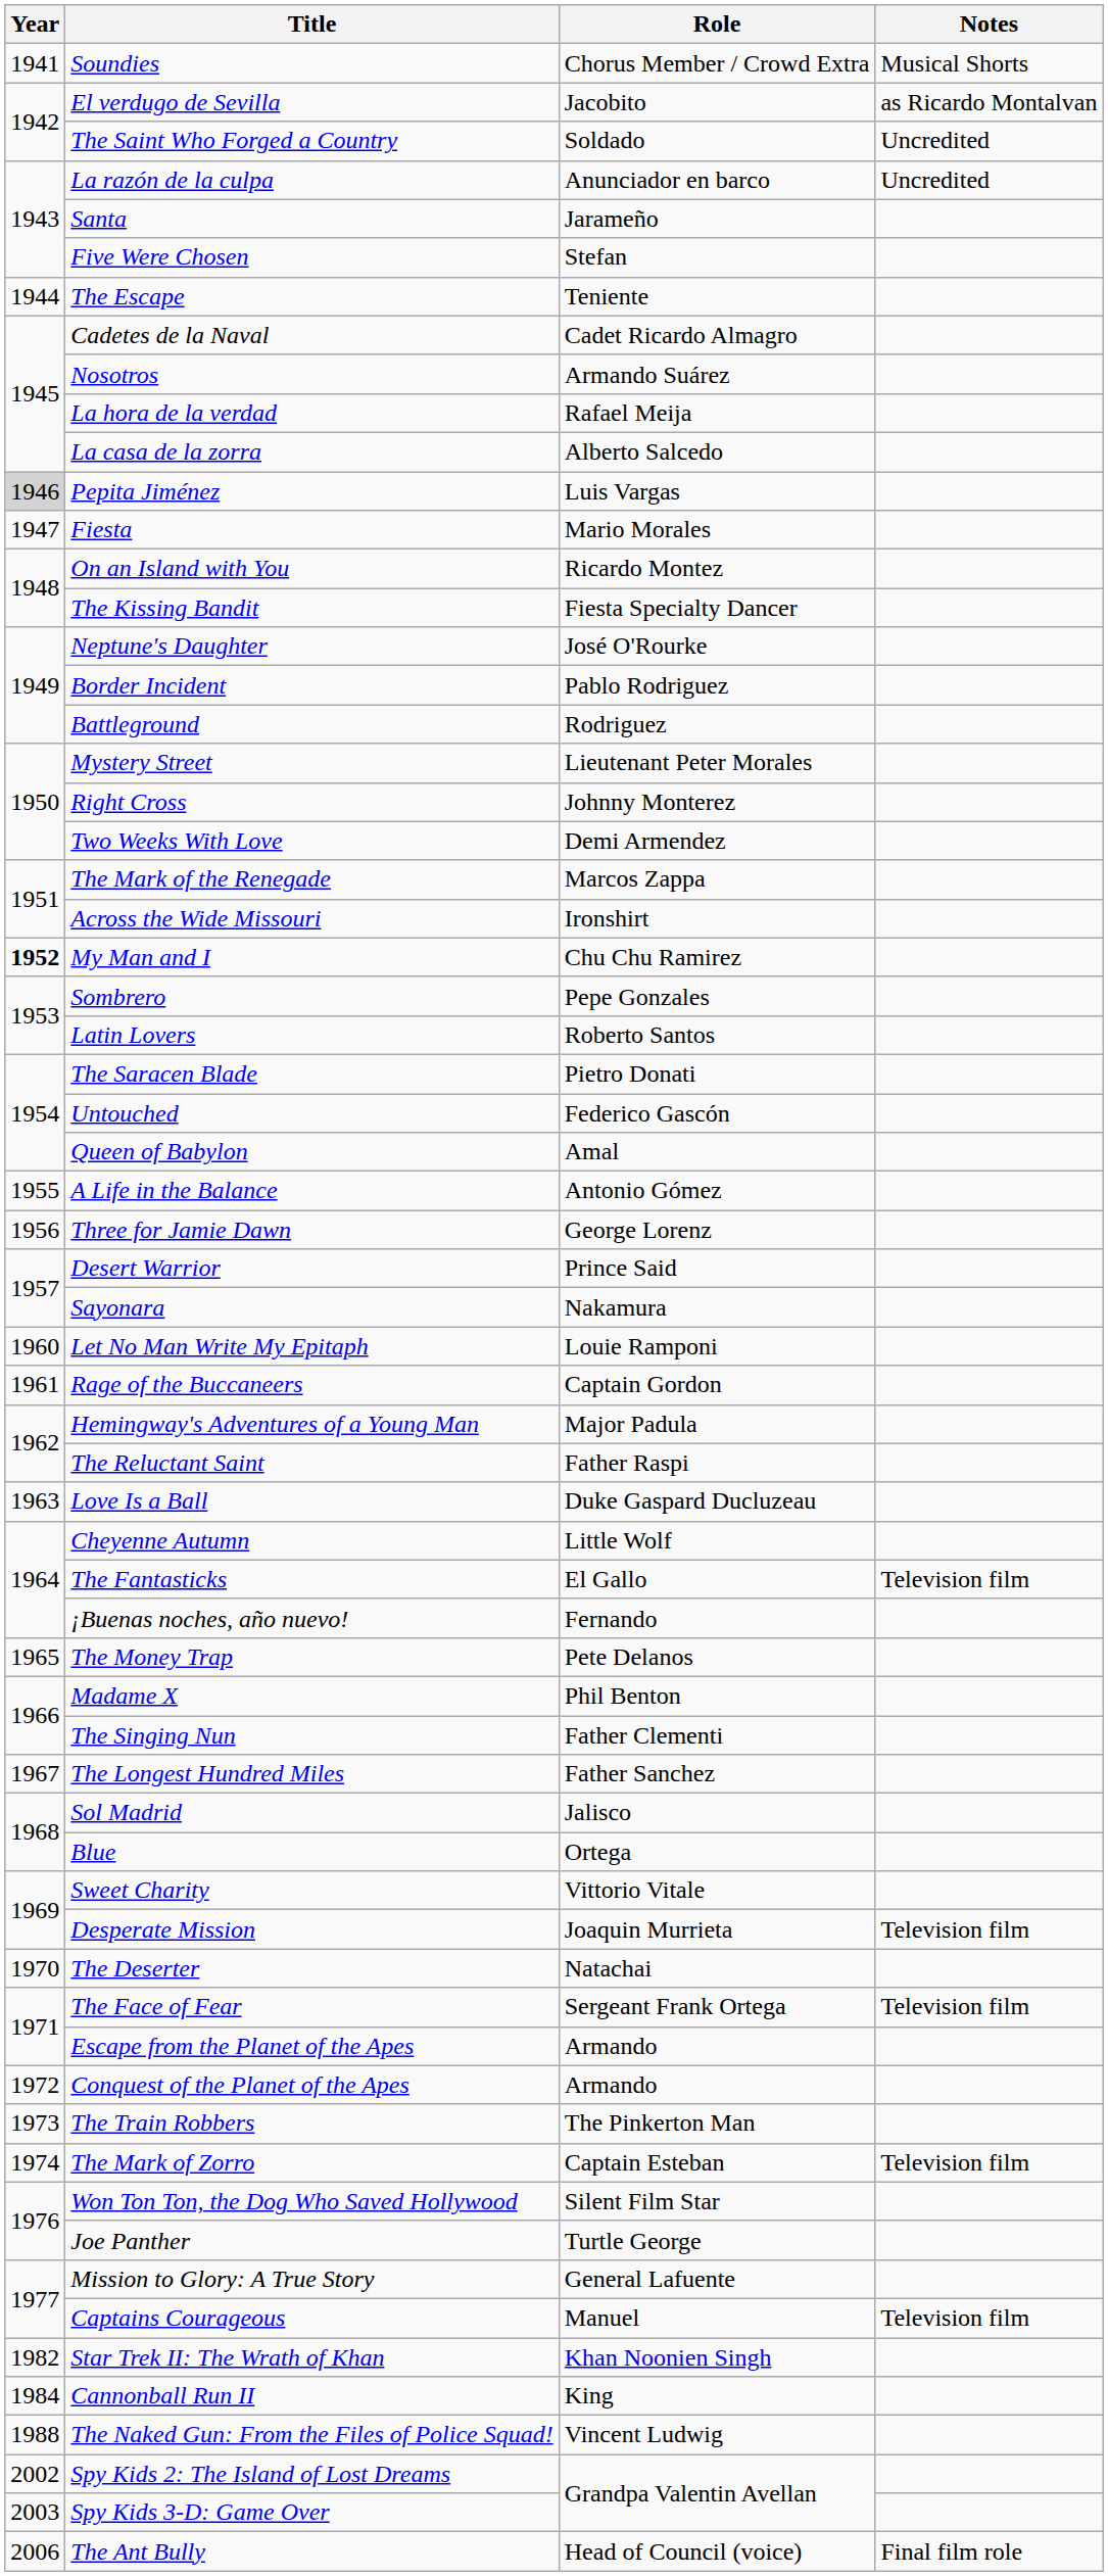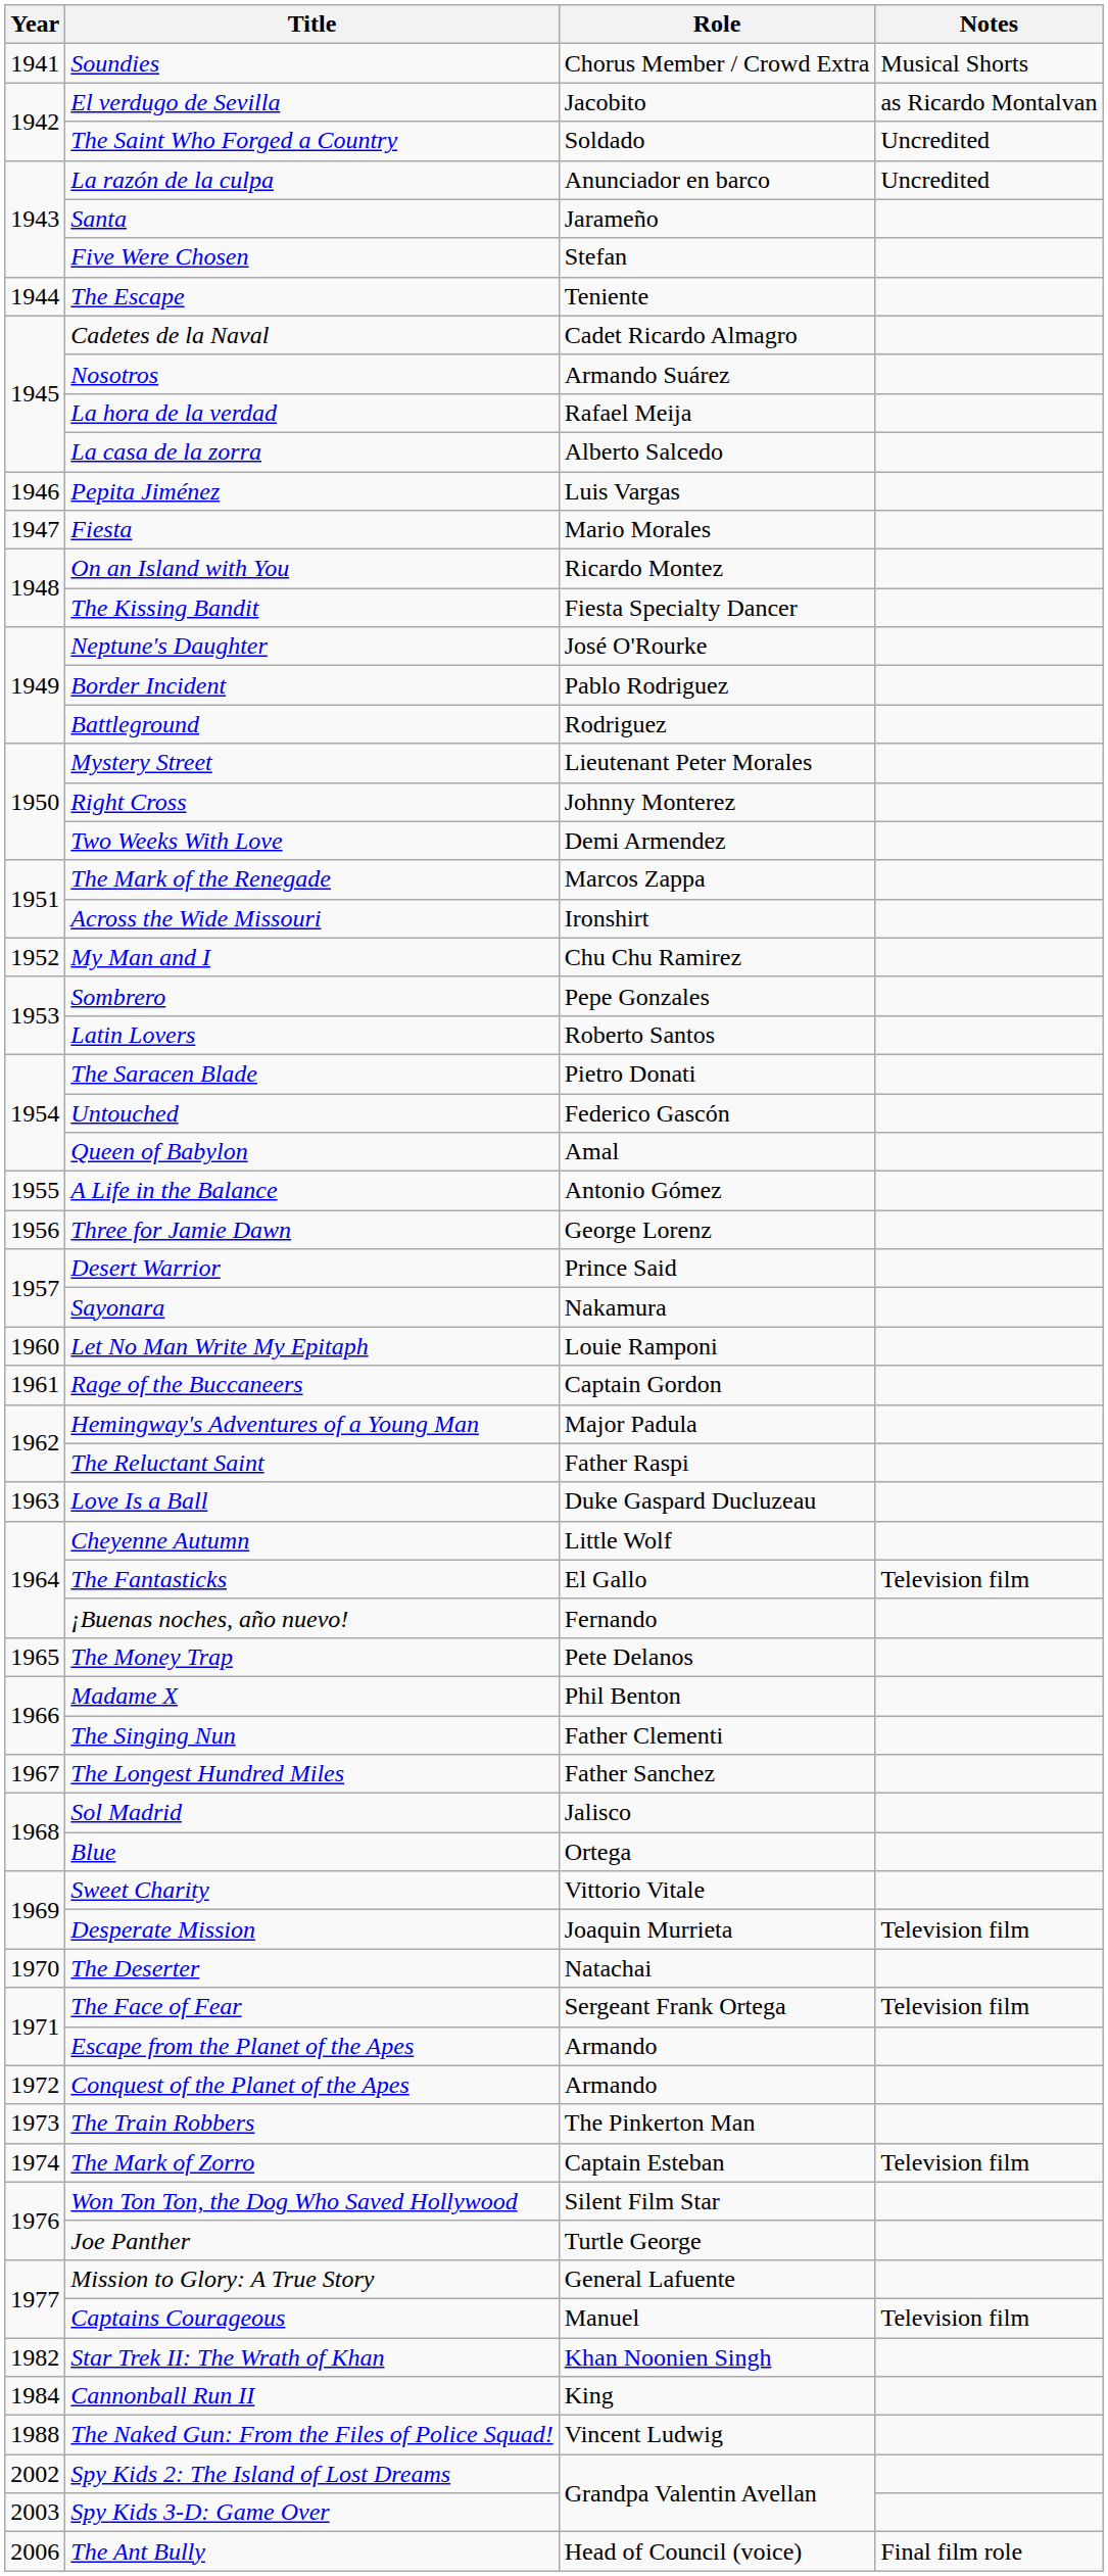 <table class="wikitable sortable">
 <tr>
 <th>Year</th>
 <th>Title</th>
 <th>Role</th>
 <th>Notes</th>
 </tr>
 <tr>
 <td>1941</td>
 <td><em><a href='#'>Soundies</a></em></td>
 <td>Chorus Member / Crowd Extra</td>
 <td>Musical Shorts</td>
 </tr>
 <tr>
 <td rowspan="2">1942</td>
 <td><em><a href='#'>El verdugo de Sevilla</a></em></td>
 <td>Jacobito</td>
 <td>as Ricardo Montalvan</td>
 </tr>
 <tr>
 <td><em><a href='#'>The Saint Who Forged a Country</a></em></td>
 <td>Soldado</td>
 <td>Uncredited</td>
 </tr>
 <tr>
 <td rowspan="3">1943</td>
 <td><em><a href='#'>La razón de la culpa</a></em></td>
 <td>Anunciador en barco</td>
 <td>Uncredited</td>
 </tr>
 <tr>
 <td><em><a href='#'>Santa</a></em></td>
 <td>Jarameño</td>
 <td></td>
 </tr>
 <tr>
 <td><em><a href='#'>Five Were Chosen</a></em></td>
 <td>Stefan</td>
 <td></td>
 </tr>
 <tr>
 <td>1944</td>
 <td><em><a href='#'>The Escape</a></em></td>
 <td>Teniente</td>
 <td></td>
 </tr>
 <tr>
 <td rowspan="4">1945</td>
 <td><em>Cadetes de la Naval</em></td>
 <td>Cadet Ricardo Almagro</td>
 <td></td>
 </tr>
 <tr>
 <td><em><a href='#'>Nosotros</a></em></td>
 <td>Armando Suárez</td>
 <td></td>
 </tr>
 <tr>
 <td><em><a href='#'>La hora de la verdad</a></em></td>
 <td>Rafael Meija</td>
 <td></td>
 </tr>
 <tr>
 <td><em><a href='#'>La casa de la zorra</a></em></td>
 <td>Alberto Salcedo</td>
 <td></td>
 </tr>
 <tr>
-<td style="background: lightgrey;">1946</td>
+<td>1946</td>
 <td><em><a href='#'>Pepita Jiménez</a></em></td>
 <td>Luis Vargas</td>
 <td></td>
 </tr>
 <tr>
 <td>1947</td>
 <td><em><a href='#'>Fiesta</a></em></td>
 <td>Mario Morales</td>
 <td></td>
 </tr>
 <tr>
 <td rowspan="2">1948</td>
 <td><em><a href='#'>On an Island with You</a></em></td>
 <td>Ricardo Montez</td>
 <td></td>
 </tr>
 <tr>
 <td><em><a href='#'>The Kissing Bandit</a></em></td>
 <td>Fiesta Specialty Dancer</td>
 <td></td>
 </tr>
 <tr>
 <td rowspan="3">1949</td>
 <td><em><a href='#'>Neptune's Daughter</a></em></td>
 <td>José O'Rourke</td>
 <td></td>
 </tr>
 <tr>
 <td><em><a href='#'>Border Incident</a></em></td>
 <td>Pablo Rodriguez</td>
 <td></td>
 </tr>
 <tr>
 <td><em><a href='#'>Battleground</a></em></td>
 <td>Rodriguez</td>
 <td></td>
 </tr>
 <tr>
 <td rowspan="3">1950</td>
 <td><em><a href='#'>Mystery Street</a></em></td>
 <td>Lieutenant Peter Morales</td>
 <td></td>
 </tr>
 <tr>
 <td><em><a href='#'>Right Cross</a></em></td>
 <td>Johnny Monterez</td>
 <td></td>
 </tr>
 <tr>
 <td><em><a href='#'>Two Weeks With Love</a></em></td>
 <td>Demi Armendez</td>
 <td></td>
 </tr>
 <tr>
 <td rowspan="2">1951</td>
 <td><em><a href='#'>The Mark of the Renegade</a></em></td>
 <td>Marcos Zappa</td>
 <td></td>
 </tr>
 <tr>
 <td><em><a href='#'>Across the Wide Missouri</a></em></td>
 <td>Ironshirt</td>
 <td></td>
 </tr>
 <tr>
-<td><strong>1952</strong></td>
+<td>1952</td>
 <td><em><a href='#'>My Man and I</a></em></td>
 <td>Chu Chu Ramirez</td>
 <td></td>
 </tr>
 <tr>
 <td rowspan="2">1953</td>
 <td><em><a href='#'>Sombrero</a></em></td>
 <td>Pepe Gonzales</td>
 <td></td>
 </tr>
 <tr>
 <td><em><a href='#'>Latin Lovers</a></em></td>
 <td>Roberto Santos</td>
 <td></td>
 </tr>
 <tr>
 <td rowspan="3">1954</td>
 <td><em><a href='#'>The Saracen Blade</a></em></td>
 <td>Pietro Donati</td>
 <td></td>
 </tr>
 <tr>
 <td><em><a href='#'>Untouched</a></em></td>
 <td>Federico Gascón</td>
 <td></td>
 </tr>
 <tr>
 <td><em><a href='#'>Queen of Babylon</a></em></td>
 <td>Amal</td>
 <td></td>
 </tr>
 <tr>
 <td>1955</td>
 <td><em><a href='#'>A Life in the Balance</a></em></td>
 <td>Antonio Gómez</td>
 <td></td>
 </tr>
 <tr>
 <td>1956</td>
 <td><em><a href='#'>Three for Jamie Dawn</a></em></td>
 <td>George Lorenz</td>
 <td></td>
 </tr>
 <tr>
 <td rowspan="2">1957</td>
 <td><em><a href='#'>Desert Warrior</a></em></td>
 <td>Prince Said</td>
 <td></td>
 </tr>
 <tr>
 <td><em><a href='#'>Sayonara</a></em></td>
 <td>Nakamura</td>
 <td></td>
 </tr>
 <tr>
 <td>1960</td>
 <td><em><a href='#'>Let No Man Write My Epitaph</a></em></td>
 <td>Louie Ramponi</td>
 <td></td>
 </tr>
 <tr>
 <td>1961</td>
 <td><em><a href='#'>Rage of the Buccaneers</a></em></td>
 <td>Captain Gordon</td>
 <td></td>
 </tr>
 <tr>
 <td rowspan="2">1962</td>
 <td><em><a href='#'>Hemingway's Adventures of a Young Man</a></em></td>
 <td>Major Padula</td>
 <td></td>
 </tr>
 <tr>
 <td><em><a href='#'>The Reluctant Saint</a></em></td>
 <td>Father Raspi</td>
 <td></td>
 </tr>
 <tr>
 <td>1963</td>
 <td><em><a href='#'>Love Is a Ball</a></em></td>
 <td>Duke Gaspard Ducluzeau</td>
 <td></td>
 </tr>
 <tr>
 <td rowspan="3">1964</td>
 <td><em><a href='#'>Cheyenne Autumn</a></em></td>
 <td>Little Wolf</td>
 <td></td>
 </tr>
 <tr>
 <td><em><a href='#'>The Fantasticks</a></em></td>
 <td>El Gallo</td>
 <td>Television film</td>
 </tr>
 <tr>
 <td><em>¡Buenas noches, año nuevo!</em></td>
 <td>Fernando</td>
 <td></td>
 </tr>
 <tr>
 <td>1965</td>
 <td><em><a href='#'>The Money Trap</a></em></td>
 <td>Pete Delanos</td>
 <td></td>
 </tr>
 <tr>
 <td rowspan="2">1966</td>
 <td><em><a href='#'>Madame X</a></em></td>
 <td>Phil Benton</td>
 <td></td>
 </tr>
 <tr>
 <td><em><a href='#'>The Singing Nun</a></em></td>
 <td>Father Clementi</td>
 <td></td>
 </tr>
 <tr>
 <td>1967</td>
 <td><em><a href='#'>The Longest Hundred Miles</a></em></td>
 <td>Father Sanchez</td>
 <td></td>
 </tr>
 <tr>
 <td rowspan="2">1968</td>
 <td><em><a href='#'>Sol Madrid</a></em></td>
 <td>Jalisco</td>
 <td></td>
 </tr>
 <tr>
 <td><em><a href='#'>Blue</a></em></td>
 <td>Ortega</td>
 <td></td>
 </tr>
 <tr>
 <td rowspan="2">1969</td>
 <td><em><a href='#'>Sweet Charity</a></em></td>
 <td>Vittorio Vitale</td>
 <td></td>
 </tr>
 <tr>
 <td><em><a href='#'>Desperate Mission</a></em></td>
 <td>Joaquin Murrieta</td>
 <td>Television film</td>
 </tr>
 <tr>
 <td>1970</td>
 <td><em><a href='#'>The Deserter</a></em></td>
 <td>Natachai</td>
 <td></td>
 </tr>
 <tr>
 <td rowspan="2">1971</td>
 <td><em><a href='#'>The Face of Fear</a></em></td>
 <td>Sergeant Frank Ortega</td>
 <td>Television film</td>
 </tr>
 <tr>
 <td><em><a href='#'>Escape from the Planet of the Apes</a></em></td>
 <td>Armando</td>
 <td></td>
 </tr>
 <tr>
 <td>1972</td>
 <td><em><a href='#'>Conquest of the Planet of the Apes</a></em></td>
 <td>Armando</td>
 <td></td>
 </tr>
 <tr>
 <td>1973</td>
 <td><em><a href='#'>The Train Robbers</a></em></td>
 <td>The Pinkerton Man</td>
 <td></td>
 </tr>
 <tr>
 <td>1974</td>
 <td><em><a href='#'>The Mark of Zorro</a></em></td>
 <td>Captain Esteban</td>
 <td>Television film</td>
 </tr>
 <tr>
 <td rowspan="2">1976</td>
 <td><em><a href='#'>Won Ton Ton, the Dog Who Saved Hollywood</a></em></td>
 <td>Silent Film Star</td>
 <td></td>
 </tr>
 <tr>
 <td><em>Joe Panther</em></td>
 <td>Turtle George</td>
 <td></td>
 </tr>
 <tr>
 <td rowspan="2">1977</td>
 <td><em>Mission to Glory: A True Story</em></td>
 <td>General Lafuente</td>
 <td></td>
 </tr>
 <tr>
 <td><em><a href='#'>Captains Courageous</a></em></td>
 <td>Manuel</td>
 <td>Television film</td>
 </tr>
 <tr>
 <td>1982</td>
 <td><em><a href='#'>Star Trek II: The Wrath of Khan</a></em></td>
 <td><a href='#'>Khan Noonien Singh</a></td>
 <td></td>
 </tr>
 <tr>
 <td>1984</td>
 <td><em><a href='#'>Cannonball Run II</a></em></td>
 <td>King</td>
 <td></td>
 </tr>
 <tr>
 <td>1988</td>
 <td><em><a href='#'>The Naked Gun: From the Files of Police Squad!</a></em></td>
 <td>Vincent Ludwig</td>
 <td></td>
 </tr>
 <tr>
 <td>2002</td>
 <td><em><a href='#'>Spy Kids 2: The Island of Lost Dreams</a></em></td>
 <td rowspan="2">Grandpa Valentin Avellan</td>
 <td></td>
 </tr>
 <tr>
 <td>2003</td>
 <td><em><a href='#'>Spy Kids 3-D: Game Over</a></em></td>
 <td></td>
 </tr>
 <tr>
 <td>2006</td>
 <td><em><a href='#'>The Ant Bully</a></em></td>
 <td>Head of Council (voice)</td>
 <td>Final film role</td>
 </tr>
 </table>
